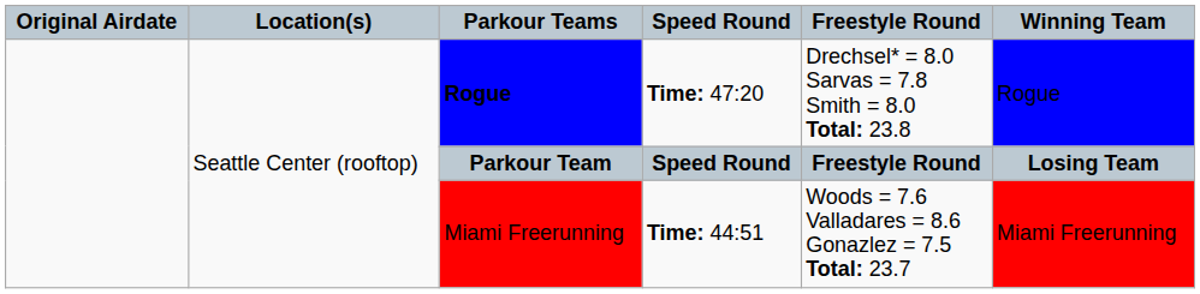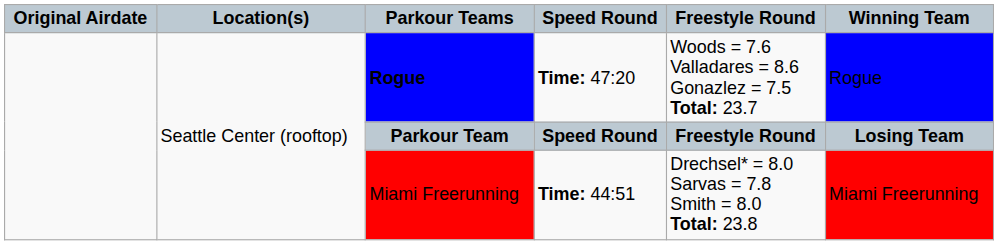 <table class="wikitable" style="margin: auto; width: 100%">
 <tr style="background:#BCC9D2; color:black">
 <th style="background-color: #BCC9D2;">Original Airdate</th>
 <th style="background-color: #BCC9D2;">Location(s)</th>
 <th style="background-color: #BCC9D2;">Parkour Teams</th>
 <th style="background-color: #BCC9D2;">Speed Round</th>
 <th style="background-color: #BCC9D2;">Freestyle Round</th>
 <th style="background-color: #BCC9D2;">Winning Team</th>
 </tr>
 <tr>
 <td rowspan="3"></td>
 <td rowspan="3">Seattle Center (rooftop)</td>
 <td bgcolor="blue"><strong><span>Rogue</span></strong></td>
 <td><strong>Time:</strong> 47:20</td>
-<td>Drechsel* = 8.0<br>Sarvas = 7.8<br>Smith = 8.0<br><strong>Total:</strong> 23.8</td>
+<td>Woods = 7.6<br>Valladares = 8.6<br>Gonazlez = 7.5<br><strong>Total:</strong> 23.7</td>
 <td bgcolor="blue"><span>Rogue</span></td>
 </tr>
 <tr>
 <th style="background-color: #BCC9D2;">Parkour Team</th>
 <th style="background-color: #BCC9D2;">Speed Round</th>
 <th style="background-color: #BCC9D2;">Freestyle Round</th>
 <th style="background-color: #BCC9D2;">Losing Team</th>
 </tr>
 <tr>
 <td bgcolor="red"><span>Miami Freerunning</span></td>
 <td><strong>Time:</strong> 44:51</td>
-<td>Woods = 7.6<br>Valladares = 8.6<br>Gonazlez = 7.5<br><strong>Total:</strong> 23.7</td>
+<td>Drechsel* = 8.0<br>Sarvas = 7.8<br>Smith = 8.0<br><strong>Total:</strong> 23.8</td>
 <td bgcolor="red"><span>Miami Freerunning</span></td>
 </tr>
 </table>
